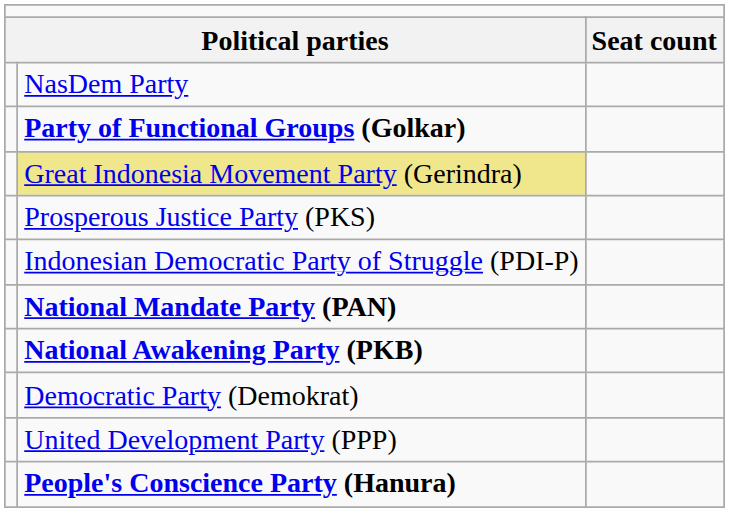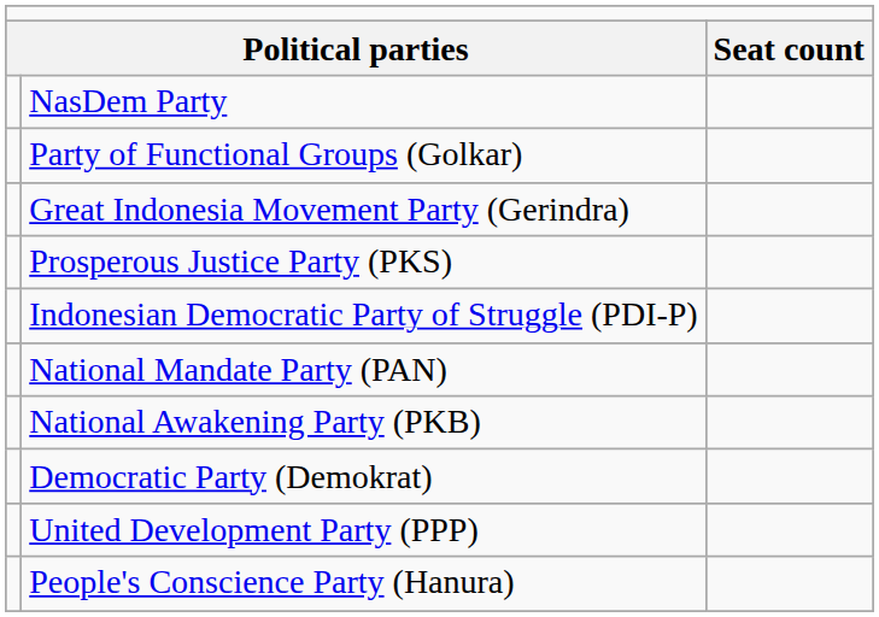 <table class="wikitable">
 <tr>
 <td colspan="4"></td>
 </tr>
 <tr>
 <th colspan="2">Political parties</th>
 <th>Seat count</th>
 </tr>
 <tr>
 <td bgcolor=></td>
 <td><a href='#'>NasDem Party</a></td>
 <td></td>
 </tr>
 <tr>
 <td bgcolor=></td>
-<td><strong><a href='#'>Party of Functional Groups</a> (Golkar)</strong></td>
+<td><a href='#'>Party of Functional Groups</a> (Golkar)</td>
 <td></td>
 </tr>
 <tr>
 <td bgcolor=></td>
-<td style="background: khaki;"><a href='#'>Great Indonesia Movement Party</a> (Gerindra)</td>
+<td><a href='#'>Great Indonesia Movement Party</a> (Gerindra)</td>
 <td></td>
 </tr>
 <tr>
 <td bgcolor=></td>
 <td><a href='#'>Prosperous Justice Party</a> (PKS)</td>
 <td></td>
 </tr>
 <tr>
 <td bgcolor=></td>
 <td><a href='#'>Indonesian Democratic Party of Struggle</a> (PDI-P)</td>
 <td></td>
 </tr>
 <tr>
 <td bgcolor=></td>
-<td><strong><a href='#'>National Mandate Party</a> (PAN)</strong></td>
+<td><a href='#'>National Mandate Party</a> (PAN)</td>
 <td></td>
 </tr>
 <tr>
 <td bgcolor=></td>
-<td><strong><a href='#'>National Awakening Party</a> (PKB)</strong></td>
+<td><a href='#'>National Awakening Party</a> (PKB)</td>
 <td></td>
 </tr>
 <tr>
 <td bgcolor=></td>
 <td><a href='#'>Democratic Party</a> (Demokrat)</td>
 <td></td>
 </tr>
 <tr>
 <td bgcolor=></td>
 <td><a href='#'>United Development Party</a> (PPP)</td>
 <td></td>
 </tr>
 <tr>
 <td bgcolor=></td>
-<td><strong><a href='#'>People's Conscience Party</a> (Hanura)</strong></td>
+<td><a href='#'>People's Conscience Party</a> (Hanura)</td>
 <td></td>
 </tr>
 </table>
